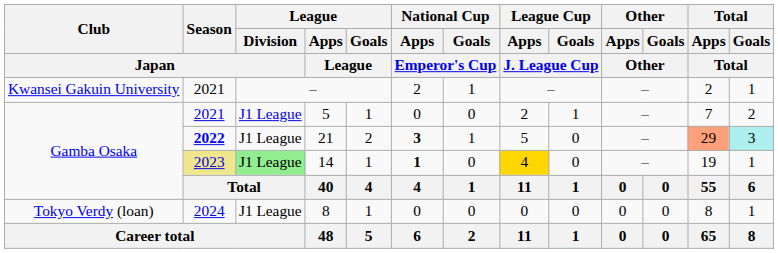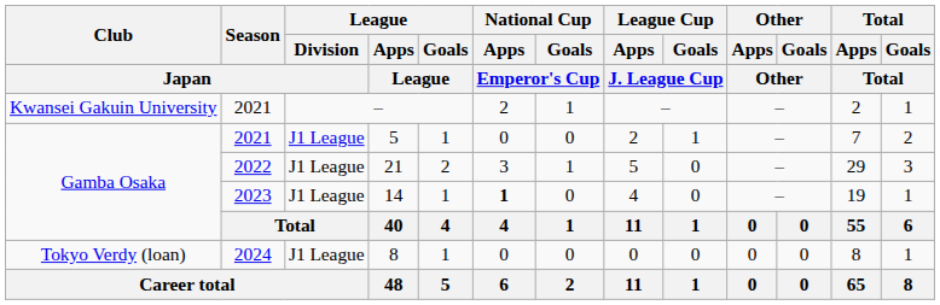 <table class="wikitable" style="text-align:center">
 <tr>
 <th rowspan=2>Club</th>
 <th rowspan=2>Season</th>
 <th colspan=3>League</th>
 <th colspan=2>National Cup</th>
 <th colspan=2>League Cup</th>
 <th colspan=2>Other</th>
 <th colspan=2>Total</th>
 </tr>
 <tr>
 <th>Division</th>
 <th>Apps</th>
 <th>Goals</th>
 <th>Apps</th>
 <th>Goals</th>
 <th>Apps</th>
 <th>Goals</th>
 <th>Apps</th>
 <th>Goals</th>
 <th>Apps</th>
 <th>Goals</th>
 </tr>
 <tr>
 <th colspan=3>Japan</th>
 <th colspan=2>League</th>
 <th colspan=2><a href='#'>Emperor's Cup</a></th>
 <th colspan=2><a href='#'>J. League Cup</a></th>
 <th colspan=2>Other</th>
 <th colspan=2>Total</th>
 </tr>
 <tr>
 <td><a href='#'>Kwansei Gakuin University</a></td>
 <td>2021</td>
 <td colspan="3">–</td>
 <td>2</td>
 <td>1</td>
 <td colspan="2">–</td>
 <td colspan="2">–</td>
 <td>2</td>
 <td>1</td>
 </tr>
 <tr>
 <td rowspan="4"><a href='#'>Gamba Osaka</a></td>
 <td><a href='#'>2021</a></td>
 <td><a href='#'>J1 League</a></td>
 <td>5</td>
 <td>1</td>
 <td>0</td>
 <td>0</td>
 <td>2</td>
 <td>1</td>
 <td colspan="2">–</td>
 <td>7</td>
 <td>2</td>
 </tr>
 <tr>
-<td><strong><a href='#'>2022</a></strong></td>
+<td><a href='#'>2022</a></td>
 <td>J1 League</td>
 <td>21</td>
 <td>2</td>
-<td><strong>3</strong></td>
+<td>3</td>
 <td>1</td>
 <td>5</td>
 <td>0</td>
 <td colspan="2">–</td>
-<td style="background: lightsalmon;">29</td>
-<td style="background: paleturquoise;">3</td>
+<td>29</td>
+<td>3</td>
 </tr>
 <tr>
-<td style="background: khaki;"><a href='#'>2023</a></td>
-<td style="background: lightgreen;">J1 League</td>
+<td><a href='#'>2023</a></td>
+<td>J1 League</td>
 <td>14</td>
 <td>1</td>
 <td><strong>1</strong></td>
 <td>0</td>
-<td style="background: gold;">4</td>
+<td>4</td>
 <td>0</td>
 <td colspan="2">–</td>
 <td>19</td>
 <td>1</td>
 </tr>
 <tr>
 <th colspan="2">Total</th>
 <th>40</th>
 <th>4</th>
 <th>4</th>
 <th>1</th>
 <th>11</th>
 <th>1</th>
 <th>0</th>
 <th>0</th>
 <th>55</th>
 <th>6</th>
 </tr>
 <tr>
 <td><a href='#'>Tokyo Verdy</a> (loan)</td>
 <td><a href='#'>2024</a></td>
 <td>J1 League</td>
 <td>8</td>
 <td>1</td>
 <td>0</td>
 <td>0</td>
 <td>0</td>
 <td>0</td>
 <td>0</td>
 <td>0</td>
 <td>8</td>
 <td>1</td>
 </tr>
 <tr>
 <th colspan=3>Career total</th>
 <th>48</th>
 <th>5</th>
 <th>6</th>
 <th>2</th>
 <th>11</th>
 <th>1</th>
 <th>0</th>
 <th>0</th>
 <th>65</th>
 <th>8</th>
 </tr>
 </table>
